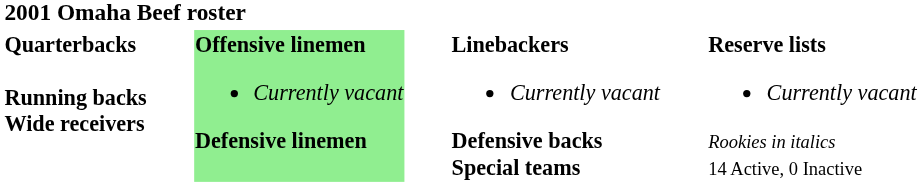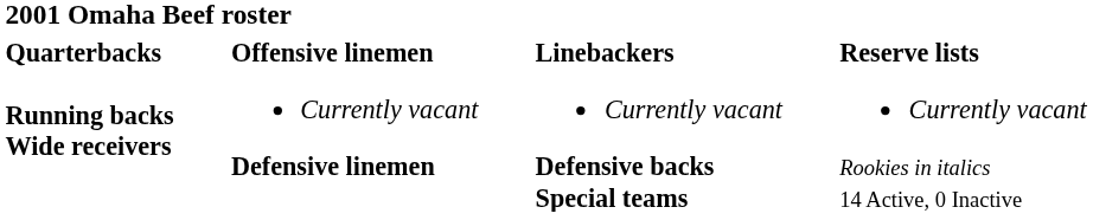 <table class="toccolours" style="text-align: left;">
 <tr>
 <th colspan=7><strong>2001 Omaha Beef roster</strong></th>
 </tr>
 <tr>
 <td style="font-size: 95%;vertical-align:top;"><strong>Quarterbacks</strong><br><br><strong>Running backs</strong>  <br><strong>Wide receivers</strong> </td>
 <td style="width: 25px;"></td>
-<td style="background: lightgreen; font-size: 95%;vertical-align:top;"><strong>Offensive linemen</strong><br><ul><li><em>Currently vacant</em></li></ul><strong>Defensive linemen</strong>  </td>
+<td style="font-size: 95%;vertical-align:top;"><strong>Offensive linemen</strong><br><ul><li><em>Currently vacant</em></li></ul><strong>Defensive linemen</strong>  </td>
 <td style="width: 25px;"></td>
 <td style="font-size: 95%;vertical-align:top;"><strong>Linebackers</strong><br><ul><li><em>Currently vacant</em></li></ul><strong>Defensive backs</strong>       <br><strong>Special teams</strong> </td>
 <td style="width: 25px;"></td>
 <td style="font-size: 95%;vertical-align:top;"><strong>Reserve lists</strong><br><ul><li><em>Currently vacant</em></li></ul><small><em>Rookies in italics</em></small><br> <small>14 Active, 0 Inactive</small></td>
 </tr>
 <tr>
 </tr>
 </table>
